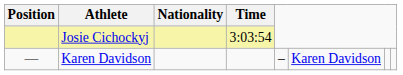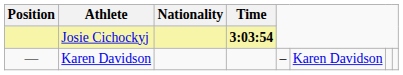 <table class="wikitable sortable">
 <tr>
 <th>Position</th>
 <th>Athlete</th>
 <th>Nationality</th>
 <th>Time</th>
 </tr>
 <tr bgcolor="#F7F6A8">
 <td align=center></td>
 <td><a href='#'>Josie Cichockyj</a></td>
 <td></td>
-<td>3:03:54</td>
+<td><strong>3:03:54</strong></td>
 </tr>
 <tr>
 <td align=center>—</td>
 <td><a href='#'>Karen Davidson</a></td>
 <td></td>
 <td></td>
 <td align=center>–</td>
 <td><a href='#'>Karen Davidson</a></td>
 <td></td>
 <td></td>
 </tr>
 </table>
